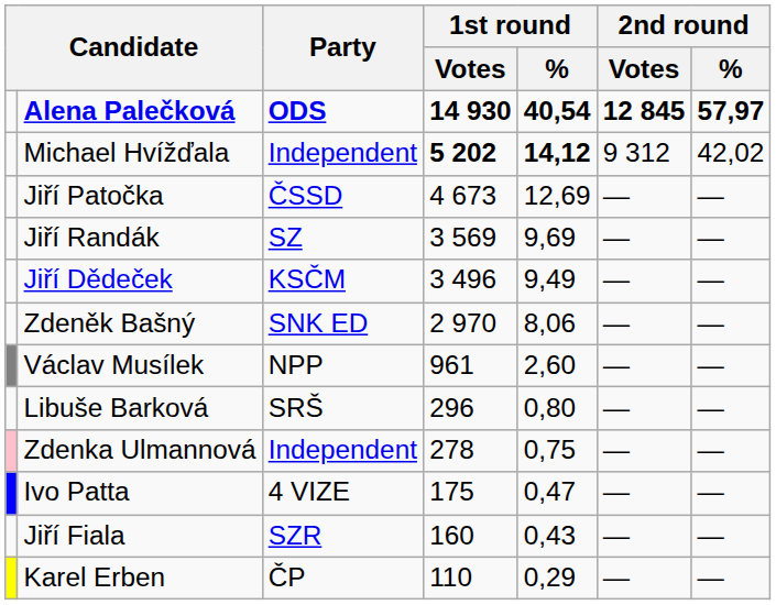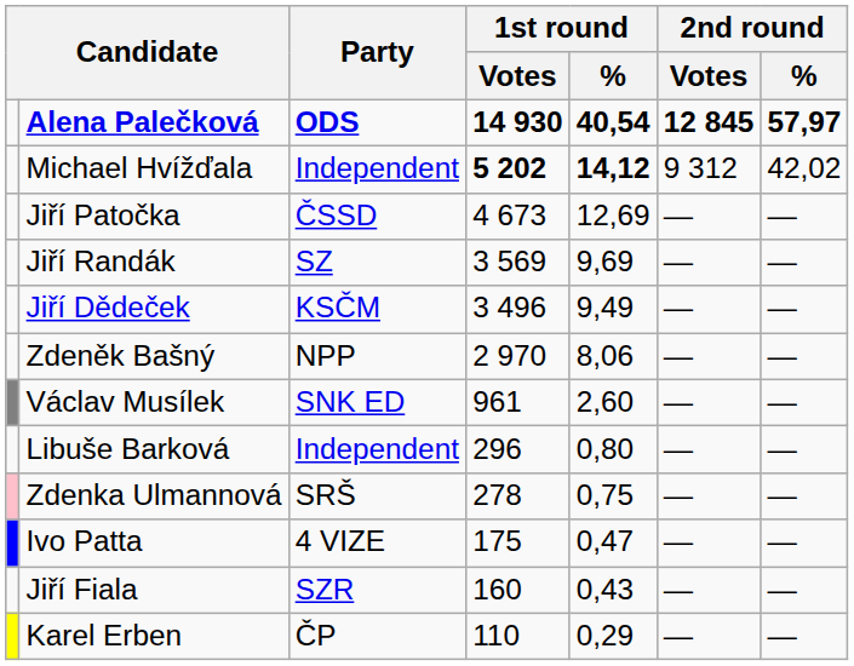 <table class="wikitable sortable">
 <tr>
 <th colspan="2" rowspan="2">Candidate</th>
 <th rowspan="2">Party</th>
 <th colspan="2">1st round</th>
 <th colspan="2">2nd round</th>
 </tr>
 <tr>
 <th>Votes</th>
 <th>%</th>
 <th>Votes</th>
 <th>%</th>
 </tr>
 <tr>
 <td style="background-color:"></td>
 <td><strong><a href='#'>Alena Palečková</a></strong></td>
 <td><a href='#'><strong>ODS</strong></a></td>
 <td><strong>14 930</strong></td>
 <td><strong>40,54</strong></td>
 <td><strong>12 845</strong></td>
 <td><strong>57,97</strong></td>
 </tr>
 <tr>
 <td style="background-color:"></td>
 <td>Michael Hvížďala</td>
 <td><a href='#'>Independent</a></td>
 <td><strong>5 202</strong></td>
 <td><strong>14,12</strong></td>
 <td>9 312</td>
 <td>42,02</td>
 </tr>
 <tr>
 <td style="background-color:"></td>
 <td>Jiří Patočka</td>
 <td><a href='#'>ČSSD</a></td>
 <td>4 673</td>
 <td>12,69</td>
 <td>—</td>
 <td>—</td>
 </tr>
 <tr>
 <td style="background-color:"></td>
 <td>Jiří Randák</td>
 <td><a href='#'>SZ</a></td>
 <td>3 569</td>
 <td>9,69</td>
 <td>—</td>
 <td>—</td>
 </tr>
 <tr>
 <td style="background-color:"></td>
 <td><a href='#'>Jiří Dědeček</a></td>
 <td><a href='#'>KSČM</a></td>
 <td>3 496</td>
 <td>9,49</td>
 <td>—</td>
 <td>—</td>
 </tr>
 <tr>
 <td style="background-color:"></td>
 <td>Zdeněk Bašný</td>
-<td><a href='#'>SNK ED</a></td>
+<td>NPP</td>
 <td>2 970</td>
 <td>8,06</td>
 <td>—</td>
 <td>—</td>
 </tr>
 <tr>
 <td style="background-color:grey"></td>
 <td>Václav Musílek</td>
-<td>NPP</td>
+<td><a href='#'>SNK ED</a></td>
 <td>961</td>
 <td>2,60</td>
 <td>—</td>
 <td>—</td>
 </tr>
 <tr>
 <td style="background-color:"></td>
 <td>Libuše Barková</td>
-<td>SRŠ</td>
+<td><a href='#'>Independent</a></td>
 <td>296</td>
 <td>0,80</td>
 <td>—</td>
 <td>—</td>
 </tr>
 <tr>
 <td style="background-color:pink"></td>
 <td>Zdenka Ulmannová</td>
-<td><a href='#'>Independent</a></td>
+<td>SRŠ</td>
 <td>278</td>
 <td>0,75</td>
 <td>—</td>
 <td>—</td>
 </tr>
 <tr>
 <td style="background-color:blue"></td>
 <td>Ivo Patta</td>
 <td>4 VIZE</td>
 <td>175</td>
 <td>0,47</td>
 <td>—</td>
 <td>—</td>
 </tr>
 <tr>
 <td style="background-color:"></td>
 <td>Jiří Fiala</td>
 <td><a href='#'>SZR</a></td>
 <td>160</td>
 <td>0,43</td>
 <td>—</td>
 <td>—</td>
 </tr>
 <tr>
 <td style="background-color:yellow"></td>
 <td>Karel Erben</td>
 <td>ČP</td>
 <td>110</td>
 <td>0,29</td>
 <td>—</td>
 <td>—</td>
 </tr>
 </table>
